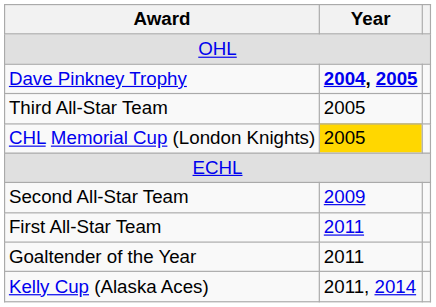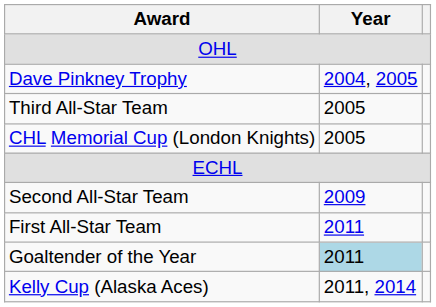 <table class="wikitable">
 <tr>
 <th>Award</th>
 <th>Year</th>
 <th></th>
 </tr>
 <tr ALIGN="center" bgcolor="#e0e0e0">
 <td colspan="3"><a href='#'>OHL</a></td>
 </tr>
 <tr>
 <td><a href='#'>Dave Pinkney Trophy</a></td>
-<td><strong><a href='#'>2004</a>, <a href='#'>2005</a></strong></td>
+<td><a href='#'>2004</a>, <a href='#'>2005</a></td>
 <td></td>
 </tr>
 <tr>
 <td>Third All-Star Team</td>
 <td>2005</td>
 <td></td>
 </tr>
 <tr>
 <td><a href='#'>CHL</a> <a href='#'>Memorial Cup</a> (London Knights)</td>
-<td style="background: gold;">2005</td>
+<td>2005</td>
 <td></td>
 </tr>
 <tr ALIGN="center" bgcolor="#e0e0e0">
 <td colspan="3"><a href='#'>ECHL</a></td>
 </tr>
 <tr>
 <td>Second All-Star Team</td>
 <td><a href='#'>2009</a></td>
 <td></td>
 </tr>
 <tr>
 <td>First All-Star Team</td>
 <td><a href='#'>2011</a></td>
 <td></td>
 </tr>
 <tr>
 <td>Goaltender of the Year</td>
-<td>2011</td>
+<td style="background: lightblue;">2011</td>
 <td></td>
 </tr>
 <tr>
 <td><a href='#'>Kelly Cup</a> (Alaska Aces)</td>
 <td>2011, <a href='#'>2014</a></td>
 <td></td>
 </tr>
 </table>
